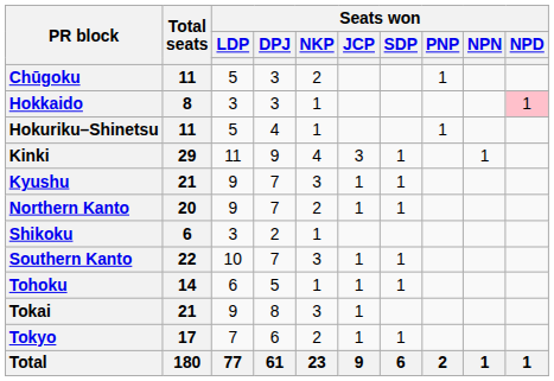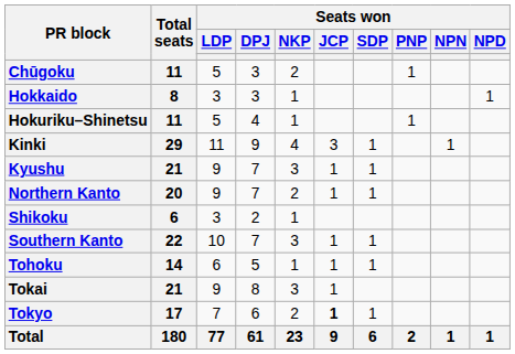 <table class="wikitable" style="text-align:center; font-size: 0.9em;">
 <tr>
 <th rowspan="3">PR block</th>
 <th rowspan="3">Total<br>seats</th>
 <th colspan="8">Seats won</th>
 </tr>
 <tr>
 <th class="unsortable" style="width:30px;"><a href='#'>LDP</a></th>
 <th class="unsortable" style="width:30px;"><a href='#'>DPJ</a></th>
 <th class="unsortable" style="width:30px;"><a href='#'>NKP</a></th>
 <th class="unsortable" style="width:30px;"><a href='#'>JCP</a></th>
 <th class="unsortable" style="width:30px;"><a href='#'>SDP</a></th>
 <th class="unsortable" style="width:30px;"><a href='#'>PNP</a></th>
 <th class="unsortable" style="width:30px;"><a href='#'>NPN</a></th>
 <th class="unsortable" style="width:30px;"><a href='#'>NPD</a></th>
 </tr>
 <tr>
 <th style="background:"></th>
 <th style="background:"></th>
 <th style="background:"></th>
 <th style="background:"></th>
 <th style="background:"></th>
 <th style="background:"></th>
 <th style="background:"></th>
 <th style="background:"></th>
 </tr>
 <tr>
 <th style="text-align: left;"><a href='#'>Chūgoku</a></th>
 <th>11</th>
 <td>5</td>
 <td>3</td>
 <td>2</td>
 <td></td>
 <td></td>
 <td>1</td>
 <td></td>
 <td></td>
 </tr>
 <tr>
 <th style="text-align: left;"><a href='#'>Hokkaido</a></th>
 <th>8</th>
 <td>3</td>
 <td>3</td>
 <td>1</td>
 <td></td>
 <td></td>
 <td></td>
 <td></td>
-<td style="background: pink;">1</td>
+<td>1</td>
 </tr>
 <tr>
 <th style="text-align: left;">Hokuriku–Shinetsu</th>
 <th>11</th>
 <td>5</td>
 <td>4</td>
 <td>1</td>
 <td></td>
 <td></td>
 <td>1</td>
 <td></td>
 <td></td>
 </tr>
 <tr>
 <th style="text-align: left;">Kinki</th>
 <th>29</th>
 <td>11</td>
 <td>9</td>
 <td>4</td>
 <td>3</td>
 <td>1</td>
 <td></td>
 <td>1</td>
 <td></td>
 </tr>
 <tr>
 <th style="text-align: left;"><a href='#'>Kyushu</a></th>
 <th>21</th>
 <td>9</td>
 <td>7</td>
 <td>3</td>
 <td>1</td>
 <td>1</td>
 <td></td>
 <td></td>
 <td></td>
 </tr>
 <tr>
 <th style="text-align: left;"><a href='#'>Northern Kanto</a></th>
 <th>20</th>
 <td>9</td>
 <td>7</td>
 <td>2</td>
 <td>1</td>
 <td>1</td>
 <td></td>
 <td></td>
 <td></td>
 </tr>
 <tr>
 <th style="text-align: left;"><a href='#'>Shikoku</a></th>
 <th>6</th>
 <td>3</td>
 <td>2</td>
 <td>1</td>
 <td></td>
 <td></td>
 <td></td>
 <td></td>
 <td></td>
 </tr>
 <tr>
 <th style="text-align: left;"><a href='#'>Southern Kanto</a></th>
 <th>22</th>
 <td>10</td>
 <td>7</td>
 <td>3</td>
 <td>1</td>
 <td>1</td>
 <td></td>
 <td></td>
 <td></td>
 </tr>
 <tr>
 <th style="text-align: left;"><a href='#'>Tohoku</a></th>
 <th>14</th>
 <td>6</td>
 <td>5</td>
 <td>1</td>
 <td>1</td>
 <td>1</td>
 <td></td>
 <td></td>
 <td></td>
 </tr>
 <tr>
 <th style="text-align: left;">Tokai</th>
 <th>21</th>
 <td>9</td>
 <td>8</td>
 <td>3</td>
 <td>1</td>
 <td></td>
 <td></td>
 <td></td>
 <td></td>
 </tr>
 <tr>
 <th style="text-align: left;"><a href='#'>Tokyo</a></th>
 <th>17</th>
 <td>7</td>
 <td>6</td>
 <td>2</td>
-<td>1</td>
+<td><strong>1</strong></td>
 <td>1</td>
 <td></td>
 <td></td>
 <td></td>
 </tr>
 <tr class="sortbottom">
 <th style="text-align: left;">Total</th>
 <th>180</th>
 <th>77</th>
 <th>61</th>
 <th>23</th>
 <th>9</th>
 <th>6</th>
 <th>2</th>
 <th>1</th>
 <th>1</th>
 </tr>
 </table>
